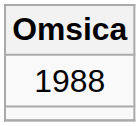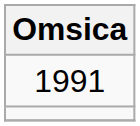 <table class="wikitable" style="margin: 0.5em auto; text-align: center;">
 <tr>
 <th colspan="1">Omsica</th>
 </tr>
 <tr>
-<td>1988</td>
+<td>1991</td>
 </tr>
 <tr>
 <td></td>
 </tr>
 <tr>
 </tr>
 </table>
